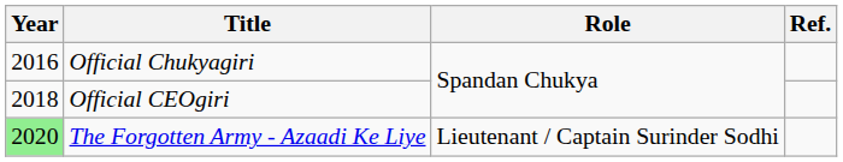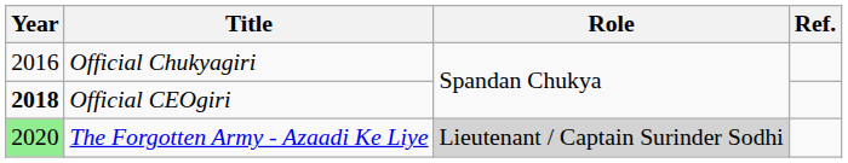 <table class="wikitable">
 <tr align="center">
 <th>Year</th>
 <th>Title</th>
 <th>Role</th>
 <th>Ref.</th>
 </tr>
 <tr>
 <td>2016</td>
 <td><em>Official Chukyagiri</em></td>
 <td rowspan="2">Spandan Chukya</td>
 <td></td>
 </tr>
 <tr>
-<td>2018</td>
+<td><strong>2018</strong></td>
 <td><em>Official CEOgiri</em></td>
 <td></td>
 </tr>
 <tr>
 <td style="background: lightgreen;">2020</td>
 <td><em><a href='#'>The Forgotten Army - Azaadi Ke Liye</a></em></td>
-<td>Lieutenant / Captain Surinder Sodhi</td>
+<td style="background: lightgrey;">Lieutenant / Captain Surinder Sodhi</td>
 <td></td>
 </tr>
 </table>
